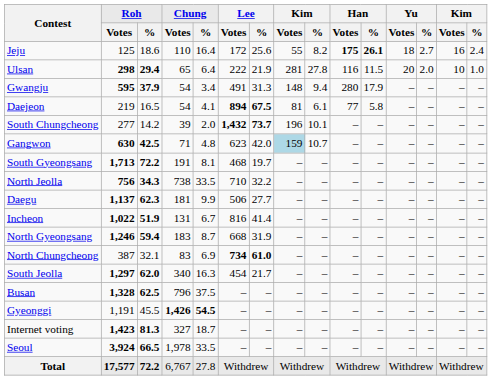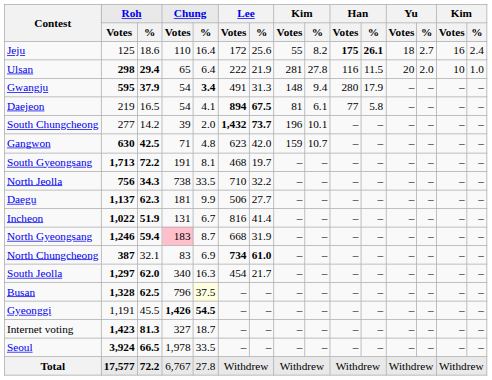 <table class="wikitable" style="text-align:right; font-size:95%">
 <tr>
 <th rowspan="2">Contest</th>
 <th colspan="2" align="center" style="background: #E9E9E9"><a href='#'>Roh<br></a></th>
 <th colspan="2" align="center" style="background: #E9E9E9"><a href='#'>Chung<br></a></th>
 <th colspan="2"><a href='#'>Lee<br></a></th>
 <th colspan="2">Kim<br></th>
 <th colspan="2">Han<br></th>
 <th colspan="2">Yu<br></th>
 <th colspan="2">Kim<br></th>
 </tr>
 <tr>
 <th>Votes</th>
 <th>%</th>
 <th>Votes</th>
 <th>%</th>
 <th>Votes</th>
 <th>%</th>
 <th>Votes</th>
 <th>%</th>
 <th>Votes</th>
 <th>%</th>
 <th>Votes</th>
 <th>%</th>
 <th>Votes</th>
 <th>%</th>
 </tr>
 <tr>
 <td align="left"><a href='#'>Jeju</a><br></td>
 <td>125</td>
 <td>18.6</td>
 <td>110</td>
 <td>16.4</td>
 <td>172</td>
 <td>25.6</td>
 <td>55</td>
 <td>8.2</td>
 <td><strong>175</strong></td>
 <td><strong>26.1</strong></td>
 <td>18</td>
 <td>2.7</td>
 <td>16</td>
 <td>2.4</td>
 </tr>
 <tr>
 <td align="left"><a href='#'>Ulsan</a><br></td>
 <td><strong>298</strong></td>
 <td><strong>29.4</strong></td>
 <td>65</td>
 <td>6.4</td>
 <td>222</td>
 <td>21.9</td>
 <td>281</td>
 <td>27.8</td>
 <td>116</td>
 <td>11.5</td>
 <td>20</td>
 <td>2.0</td>
 <td>10</td>
 <td>1.0</td>
 </tr>
 <tr>
 <td align="left"><a href='#'>Gwangju</a><br></td>
 <td><strong>595</strong></td>
 <td><strong>37.9</strong></td>
 <td>54</td>
-<td>3.4</td>
+<td><strong>3.4</strong></td>
 <td>491</td>
 <td>31.3</td>
 <td>148</td>
 <td>9.4</td>
 <td>280</td>
 <td>17.9</td>
 <td>–</td>
 <td>–</td>
 <td>–</td>
 <td>–</td>
 </tr>
 <tr>
 <td align="left"><a href='#'>Daejeon</a><br></td>
 <td>219</td>
 <td>16.5</td>
 <td>54</td>
 <td>4.1</td>
 <td><strong>894</strong></td>
 <td><strong>67.5</strong></td>
 <td>81</td>
 <td>6.1</td>
 <td>77</td>
 <td>5.8</td>
 <td>–</td>
 <td>–</td>
 <td>–</td>
 <td>–</td>
 </tr>
 <tr>
 <td align="left"><a href='#'>South Chungcheong</a><br></td>
 <td>277</td>
 <td>14.2</td>
 <td>39</td>
 <td>2.0</td>
 <td><strong>1,432</strong></td>
 <td><strong>73.7</strong></td>
 <td>196</td>
 <td>10.1</td>
 <td>–</td>
 <td>–</td>
 <td>–</td>
 <td>–</td>
 <td>–</td>
 <td>–</td>
 </tr>
 <tr>
 <td align="left"><a href='#'>Gangwon</a><br></td>
 <td><strong>630</strong></td>
 <td><strong>42.5</strong></td>
 <td>71</td>
 <td>4.8</td>
 <td>623</td>
 <td>42.0</td>
-<td style="background: lightblue;">159</td>
+<td>159</td>
 <td>10.7</td>
 <td>–</td>
 <td>–</td>
 <td>–</td>
 <td>–</td>
 <td>–</td>
 <td>–</td>
 </tr>
 <tr>
 <td align="left"><a href='#'>South Gyeongsang</a><br></td>
 <td><strong>1,713</strong></td>
 <td><strong>72.2</strong></td>
 <td>191</td>
 <td>8.1</td>
 <td>468</td>
 <td>19.7</td>
 <td>–</td>
 <td>–</td>
 <td>–</td>
 <td>–</td>
 <td>–</td>
 <td>–</td>
 <td>–</td>
 <td>–</td>
 </tr>
 <tr>
 <td align="left"><a href='#'>North Jeolla</a><br></td>
 <td><strong>756</strong></td>
 <td><strong>34.3</strong></td>
 <td>738</td>
 <td>33.5</td>
 <td>710</td>
 <td>32.2</td>
 <td>–</td>
 <td>–</td>
 <td>–</td>
 <td>–</td>
 <td>–</td>
 <td>–</td>
 <td>–</td>
 <td>–</td>
 </tr>
 <tr>
 <td align="left"><a href='#'>Daegu</a><br></td>
 <td><strong>1,137</strong></td>
 <td><strong>62.3</strong></td>
 <td>181</td>
 <td>9.9</td>
 <td>506</td>
 <td>27.7</td>
 <td>–</td>
 <td>–</td>
 <td>–</td>
 <td>–</td>
 <td>–</td>
 <td>–</td>
 <td>–</td>
 <td>–</td>
 </tr>
 <tr>
 <td align="left"><a href='#'>Incheon</a><br></td>
 <td><strong>1,022</strong></td>
 <td><strong>51.9</strong></td>
 <td>131</td>
 <td>6.7</td>
 <td>816</td>
 <td>41.4</td>
 <td>–</td>
 <td>–</td>
 <td>–</td>
 <td>–</td>
 <td>–</td>
 <td>–</td>
 <td>–</td>
 <td>–</td>
 </tr>
 <tr>
 <td align="left"><a href='#'>North Gyeongsang</a><br></td>
 <td><strong>1,246</strong></td>
 <td><strong>59.4</strong></td>
-<td>183</td>
+<td style="background: pink;">183</td>
 <td>8.7</td>
 <td>668</td>
 <td>31.9</td>
 <td>–</td>
 <td>–</td>
 <td>–</td>
 <td>–</td>
 <td>–</td>
 <td>–</td>
 <td>–</td>
 <td>–</td>
 </tr>
 <tr>
 <td align="left"><a href='#'>North Chungcheong</a><br></td>
-<td>387</td>
+<td><strong>387</strong></td>
 <td>32.1</td>
 <td>83</td>
 <td>6.9</td>
 <td><strong>734</strong></td>
 <td><strong>61.0</strong></td>
 <td>–</td>
 <td>–</td>
 <td>–</td>
 <td>–</td>
 <td>–</td>
 <td>–</td>
 <td>–</td>
 <td>–</td>
 </tr>
 <tr>
 <td align="left"><a href='#'>South Jeolla</a><br></td>
 <td><strong>1,297</strong></td>
 <td><strong>62.0</strong></td>
 <td>340</td>
 <td>16.3</td>
 <td>454</td>
 <td>21.7</td>
 <td>–</td>
 <td>–</td>
 <td>–</td>
 <td>–</td>
 <td>–</td>
 <td>–</td>
 <td>–</td>
 <td>–</td>
 </tr>
 <tr>
 <td align="left"><a href='#'>Busan</a><br></td>
 <td><strong>1,328</strong></td>
 <td><strong>62.5</strong></td>
 <td>796</td>
-<td>37.5</td>
+<td style="background: lightyellow;">37.5</td>
 <td>–</td>
 <td>–</td>
 <td>–</td>
 <td>–</td>
 <td>–</td>
 <td>–</td>
 <td>–</td>
 <td>–</td>
 <td>–</td>
 <td>–</td>
 </tr>
 <tr>
 <td align="left"><a href='#'>Gyeonggi</a><br></td>
 <td>1,191</td>
 <td>45.5</td>
 <td><strong>1,426</strong></td>
 <td><strong>54.5</strong></td>
 <td>–</td>
 <td>–</td>
 <td>–</td>
 <td>–</td>
 <td>–</td>
 <td>–</td>
 <td>–</td>
 <td>–</td>
 <td>–</td>
 <td>–</td>
 </tr>
 <tr>
 <td align="left">Internet voting<br></td>
 <td><strong>1,423</strong></td>
 <td><strong>81.3</strong></td>
 <td>327</td>
 <td>18.7</td>
 <td>–</td>
 <td>–</td>
 <td>–</td>
 <td>–</td>
 <td>–</td>
 <td>–</td>
 <td>–</td>
 <td>–</td>
 <td>–</td>
 <td>–</td>
 </tr>
 <tr>
 <td align="left"><a href='#'>Seoul</a><br></td>
 <td><strong>3,924</strong></td>
 <td><strong>66.5</strong></td>
 <td>1,978</td>
 <td>33.5</td>
 <td>–</td>
 <td>–</td>
 <td>–</td>
 <td>–</td>
 <td>–</td>
 <td>–</td>
 <td>–</td>
 <td>–</td>
 <td>–</td>
 <td>–</td>
 </tr>
 <tr style="background:#E9E9E9">
 <th><strong>Total</strong></th>
 <td><strong>17,577</strong></td>
 <td><strong>72.2</strong></td>
 <td>6,767</td>
 <td>27.8</td>
 <td colspan="2" align="center">Withdrew</td>
 <td colspan="2" align="center">Withdrew</td>
 <td colspan="2" align="center">Withdrew</td>
 <td colspan="2" align="center">Withdrew</td>
 <td colspan="2" align="center">Withdrew</td>
 </tr>
 </table>
